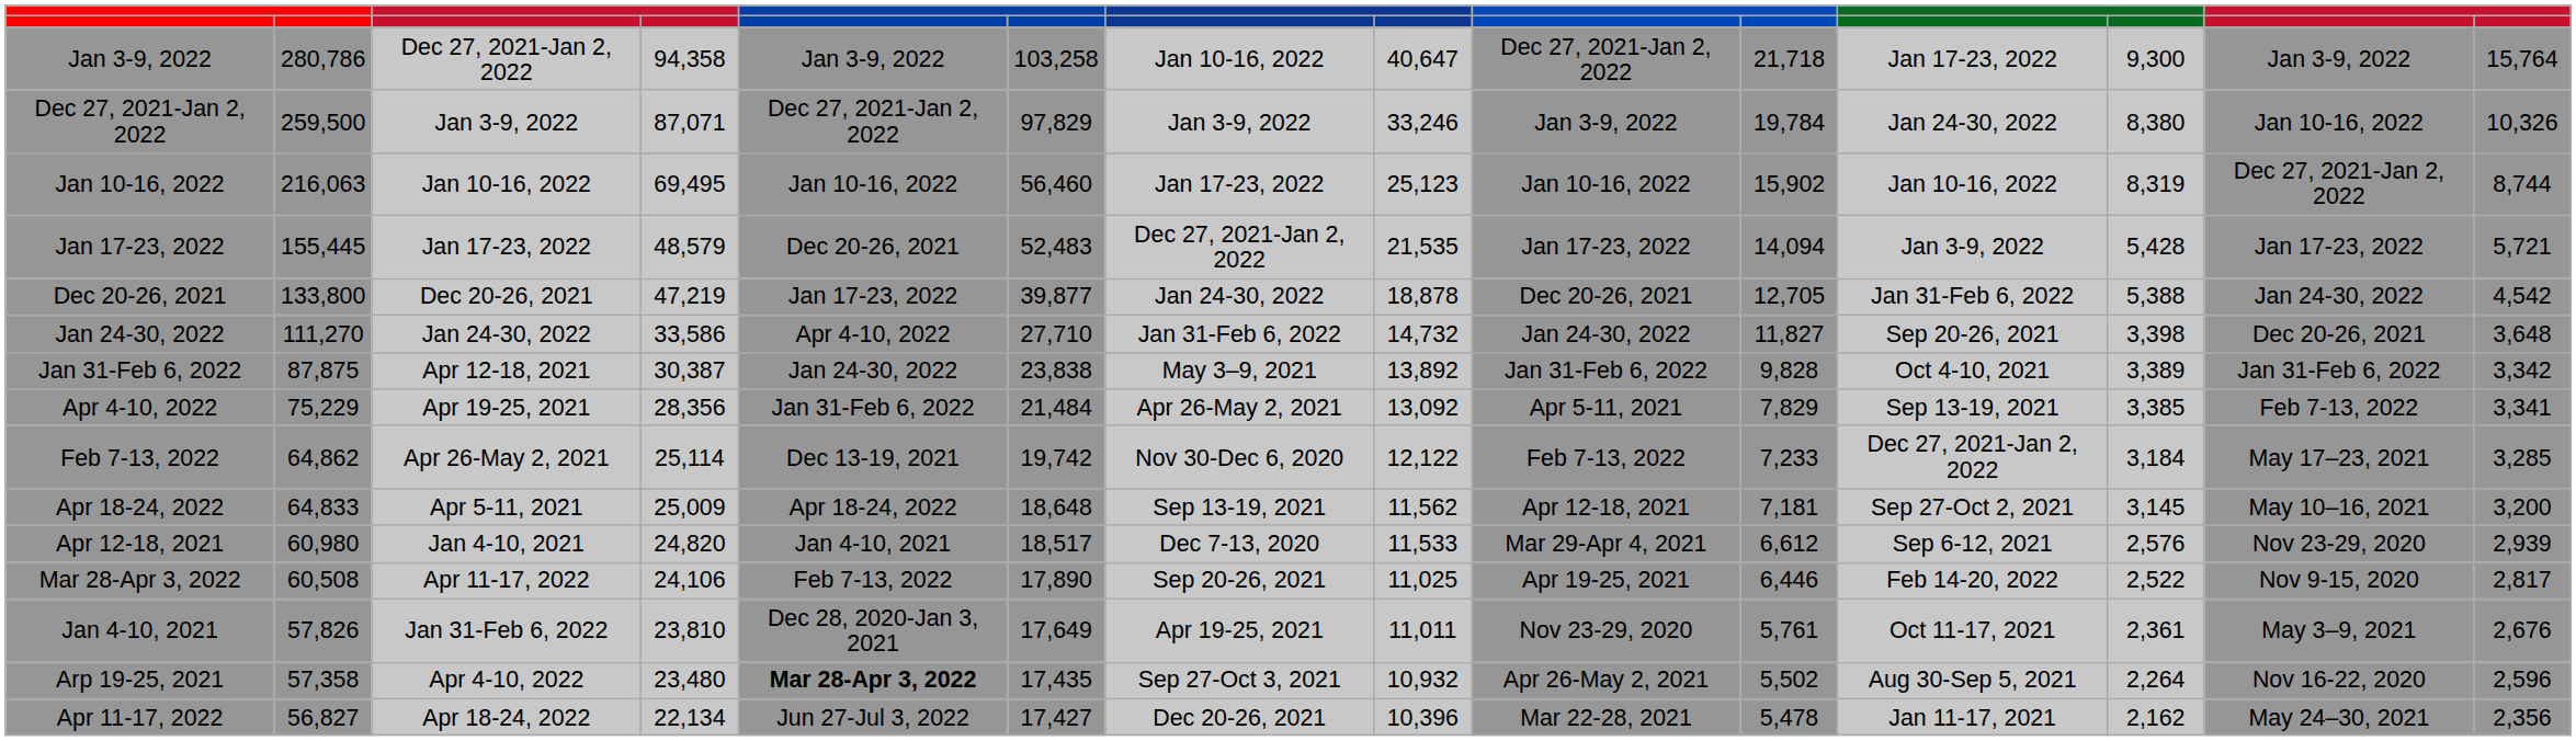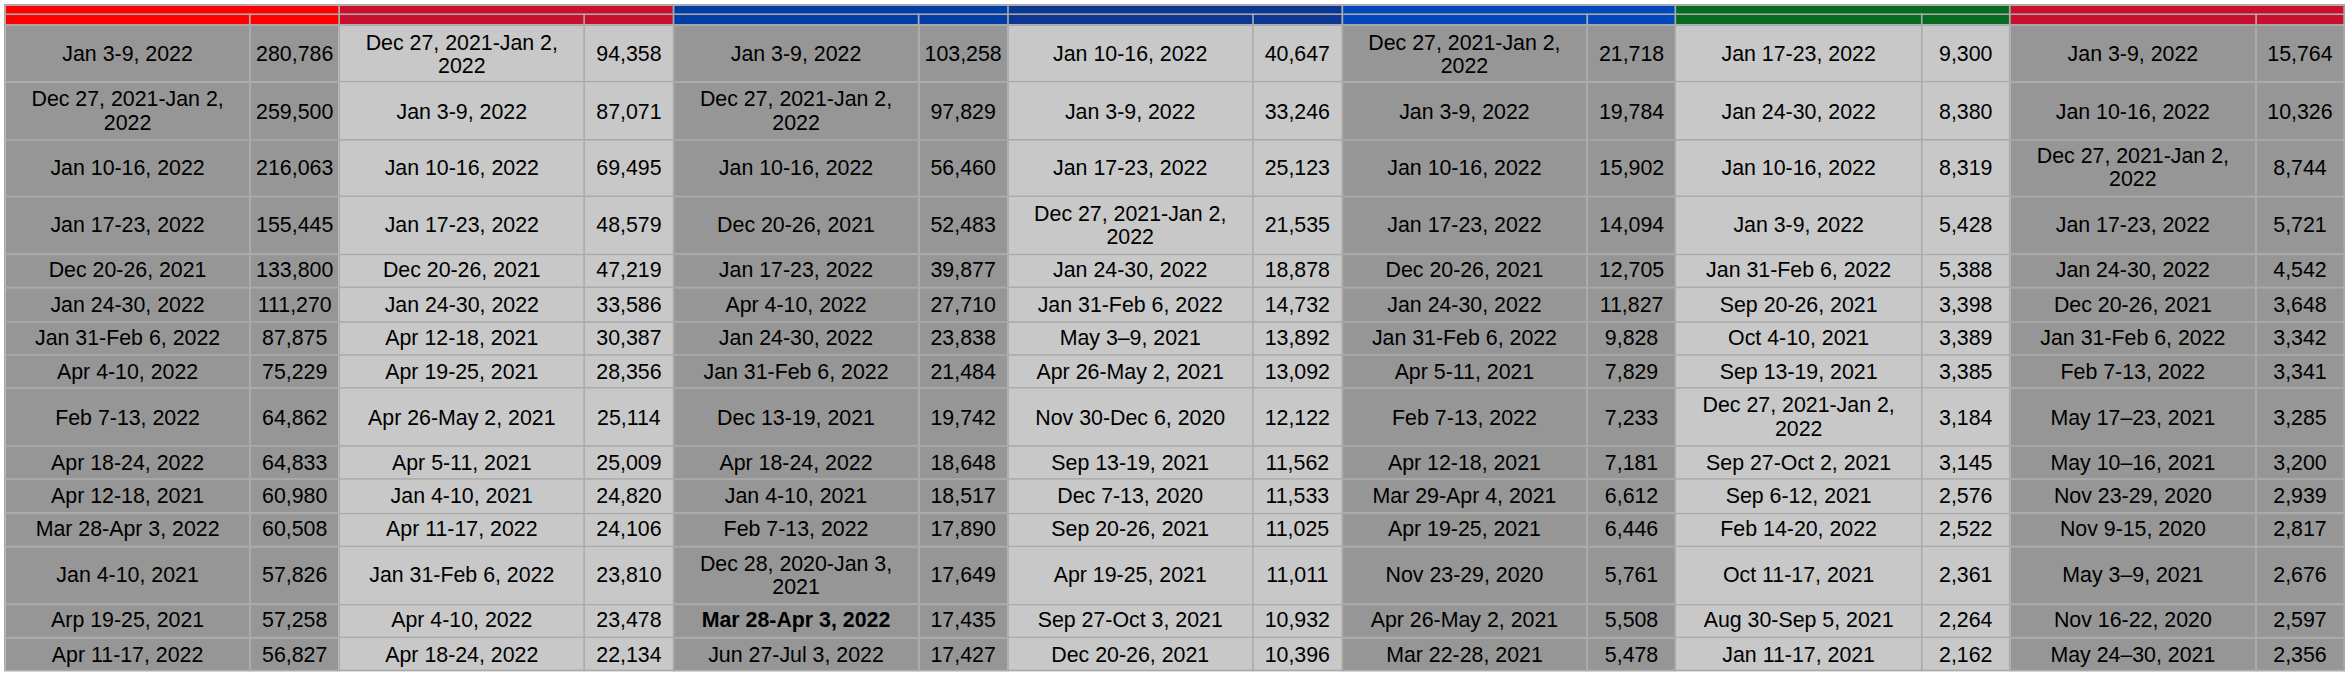 <table class="wikitable" style="text-align:center; text:#FFFFFF; font-size:85%">
 <tr>
 <th colspan=2 style="background:#FF0000"></th>
 <th colspan=2 style="background:#C8102E"></th>
 <th colspan=2 style="background:#003DA5"></th>
 <th colspan=2 style="background:#0D3692"></th>
 <th colspan=2 style="background:#0047BB"></th>
 <th colspan=2 style="background:#076A21"></th>
 <th colspan=2 style="background:#C8102E"></th>
 </tr>
 <tr>
 <th style="background:#FF0000"></th>
 <th style="background:#FF0000"></th>
 <th style="background:#C8102E"></th>
 <th style="background:#C8102E"></th>
 <th style="background:#003DA5"></th>
 <th style="background:#003DA5"></th>
 <th style="background:#0D3692"></th>
 <th style="background:#0D3692"></th>
 <th style="background:#0047BB"></th>
 <th style="background:#0047BB"></th>
 <th style="background:#076A21"></th>
 <th style="background:#076A21"></th>
 <th style="background:#C8102E"></th>
 <th style="background:#C8102E"></th>
 </tr>
 <tr>
 <td style="background:#969696" width=150>Jan 3-9, 2022</td>
 <td style="background:#969696" width="50">280,786</td>
 <td style="background:#C8C8C8" width="150">Dec 27, 2021-Jan 2, 2022</td>
 <td style="background:#C8C8C8" width="50">94,358</td>
 <td style="background:#969696" width="150">Jan 3-9, 2022</td>
 <td style="background:#969696" width="50">103,258</td>
 <td style="background:#C8C8C8" width="150">Jan 10-16, 2022</td>
 <td style="background:#C8C8C8" width="50">40,647</td>
 <td style="background:#969696" width="150">Dec 27, 2021-Jan 2, 2022</td>
 <td style="background:#969696" width="50">21,718</td>
 <td style="background:#C8C8C8" width="150">Jan 17-23, 2022</td>
 <td style="background:#C8C8C8" width="50">9,300</td>
 <td style="background:#969696" width="150">Jan 3-9, 2022</td>
 <td style="background:#969696" width="50">15,764</td>
 </tr>
 <tr>
 <td style="background:#969696" width=150>Dec 27, 2021-Jan 2, 2022</td>
 <td style="background:#969696" width="50">259,500</td>
 <td style="background:#C8C8C8" width="150">Jan 3-9, 2022</td>
 <td style="background:#C8C8C8" width="50">87,071</td>
 <td style="background:#969696" width="150">Dec 27, 2021-Jan 2, 2022</td>
 <td style="background:#969696" width="50">97,829</td>
 <td style="background:#C8C8C8" width="150">Jan 3-9, 2022</td>
 <td style="background:#C8C8C8" width="50">33,246</td>
 <td style="background:#969696" width="150">Jan 3-9, 2022</td>
 <td style="background:#969696" width="50">19,784</td>
 <td style="background:#C8C8C8" width="150">Jan 24-30, 2022</td>
 <td style="background:#C8C8C8" width="50">8,380</td>
 <td style="background:#969696" width="150">Jan 10-16, 2022</td>
 <td style="background:#969696" width="50">10,326</td>
 </tr>
 <tr>
 <td style="background:#969696" width=150>Jan 10-16, 2022</td>
 <td style="background:#969696" width="50">216,063</td>
 <td style="background:#C8C8C8" width="150">Jan 10-16, 2022</td>
 <td style="background:#C8C8C8" width="50">69,495</td>
 <td style="background:#969696" width="150">Jan 10-16, 2022</td>
 <td style="background:#969696" width="50">56,460</td>
 <td style="background:#C8C8C8" width="150">Jan 17-23, 2022</td>
 <td style="background:#C8C8C8" width="50">25,123</td>
 <td style="background:#969696" width="150">Jan 10-16, 2022</td>
 <td style="background:#969696" width="50">15,902</td>
 <td style="background:#C8C8C8" width="150">Jan 10-16, 2022</td>
 <td style="background:#C8C8C8" width="50">8,319</td>
 <td style="background:#969696" width="150">Dec 27, 2021-Jan 2, 2022</td>
 <td style="background:#969696" width="50">8,744</td>
 </tr>
 <tr>
 <td style="background:#969696" width=150>Jan 17-23, 2022</td>
 <td style="background:#969696" width="50">155,445</td>
 <td style="background:#C8C8C8" width="150">Jan 17-23, 2022</td>
 <td style="background:#C8C8C8" width="50">48,579</td>
 <td style="background:#969696" width="150">Dec 20-26, 2021</td>
 <td style="background:#969696" width="50">52,483</td>
 <td style="background:#C8C8C8" width="150">Dec 27, 2021-Jan 2, 2022</td>
 <td style="background:#C8C8C8" width="50">21,535</td>
 <td style="background:#969696" width="150">Jan 17-23, 2022</td>
 <td style="background:#969696" width="50">14,094</td>
 <td style="background:#C8C8C8" width="150">Jan 3-9, 2022</td>
 <td style="background:#C8C8C8" width="50">5,428</td>
 <td style="background:#969696" width="150">Jan 17-23, 2022</td>
 <td style="background:#969696" width="50">5,721</td>
 </tr>
 <tr>
 <td style="background:#969696" width=75>Dec 20-26, 2021</td>
 <td style="background:#969696" width="35">133,800</td>
 <td style="background:#C8C8C8" width="75">Dec 20-26, 2021</td>
 <td style="background:#C8C8C8" width="35">47,219</td>
 <td style="background:#969696" width="75">Jan 17-23, 2022</td>
 <td style="background:#969696" width="35">39,877</td>
 <td style="background:#C8C8C8" width="75">Jan 24-30, 2022</td>
 <td style="background:#C8C8C8" width="35">18,878</td>
 <td style="background:#969696" width="75">Dec 20-26, 2021</td>
 <td style="background:#969696" width="35">12,705</td>
 <td style="background:#C8C8C8" width="75">Jan 31-Feb 6, 2022</td>
 <td style="background:#C8C8C8" width="35">5,388</td>
 <td style="background:#969696" width="75">Jan 24-30, 2022</td>
 <td style="background:#969696" width="35">4,542</td>
 </tr>
 <tr>
 <td style="background:#969696" width=75>Jan 24-30, 2022</td>
 <td style="background:#969696" width="35">111,270</td>
 <td style="background:#C8C8C8" width="75">Jan 24-30, 2022</td>
 <td style="background:#C8C8C8" width="35">33,586</td>
 <td style="background:#969696" width="75">Apr 4-10, 2022</td>
 <td style="background:#969696" width="35">27,710</td>
 <td style="background:#C8C8C8" width="75">Jan 31-Feb 6, 2022</td>
 <td style="background:#C8C8C8" width="35">14,732</td>
 <td style="background:#969696" width="75">Jan 24-30, 2022</td>
 <td style="background:#969696" width="35">11,827</td>
 <td style="background:#C8C8C8" width="75">Sep 20-26, 2021</td>
 <td style="background:#C8C8C8" width="35">3,398</td>
 <td style="background:#969696" width="75">Dec 20-26, 2021</td>
 <td style="background:#969696" width="35">3,648</td>
 </tr>
 <tr>
 <td style="background:#969696" width=75>Jan 31-Feb 6, 2022</td>
 <td style="background:#969696" width="35">87,875</td>
 <td style="background:#C8C8C8" width="75">Apr 12-18, 2021</td>
 <td style="background:#C8C8C8" width="35">30,387</td>
 <td style="background:#969696" width="75">Jan 24-30, 2022</td>
 <td style="background:#969696" width="35">23,838</td>
 <td style="background:#C8C8C8" width="75">May 3–9, 2021</td>
 <td style="background:#C8C8C8" width="35">13,892</td>
 <td style="background:#969696" width="75">Jan 31-Feb 6, 2022</td>
 <td style="background:#969696" width="35">9,828</td>
 <td style="background:#C8C8C8" width="75">Oct 4-10, 2021</td>
 <td style="background:#C8C8C8" width="35">3,389</td>
 <td style="background:#969696" width="75">Jan 31-Feb 6, 2022</td>
 <td style="background:#969696" width="35">3,342</td>
 </tr>
 <tr>
 <td style="background:#969696" width=75>Apr 4-10, 2022</td>
 <td style="background:#969696" width="35">75,229</td>
 <td style="background:#C8C8C8" width="75">Apr 19-25, 2021</td>
 <td style="background:#C8C8C8" width="35">28,356</td>
 <td style="background:#969696" width="75">Jan 31-Feb 6, 2022</td>
 <td style="background:#969696" width="35">21,484</td>
 <td style="background:#C8C8C8" width="75">Apr 26-May 2, 2021</td>
 <td style="background:#C8C8C8" width="35">13,092</td>
 <td style="background:#969696" width="75">Apr 5-11, 2021</td>
 <td style="background:#969696" width="35">7,829</td>
 <td style="background:#C8C8C8" width="75">Sep 13-19, 2021</td>
 <td style="background:#C8C8C8" width="35">3,385</td>
 <td style="background:#969696" width="75">Feb 7-13, 2022</td>
 <td style="background:#969696" width="35">3,341</td>
 </tr>
 <tr>
 <td style="background:#969696" width=75>Feb 7-13, 2022</td>
 <td style="background:#969696" width="35">64,862</td>
 <td style="background:#C8C8C8" width="75">Apr 26-May 2, 2021</td>
 <td style="background:#C8C8C8" width="35">25,114</td>
 <td style="background:#969696" width="75">Dec 13-19, 2021</td>
 <td style="background:#969696" width="35">19,742</td>
 <td style="background:#C8C8C8" width="75">Nov 30-Dec 6, 2020</td>
 <td style="background:#C8C8C8" width="35">12,122</td>
 <td style="background:#969696" width="75">Feb 7-13, 2022</td>
 <td style="background:#969696" width="35">7,233</td>
 <td style="background:#C8C8C8" width="75">Dec 27, 2021-Jan 2, 2022</td>
 <td style="background:#C8C8C8" width="35">3,184</td>
 <td style="background:#969696" width="75">May 17–23, 2021</td>
 <td style="background:#969696" width="35">3,285</td>
 </tr>
 <tr>
 <td style="background:#969696" width=75>Apr 18-24, 2022</td>
 <td style="background:#969696" width="35">64,833</td>
 <td style="background:#C8C8C8" width="75">Apr 5-11, 2021</td>
 <td style="background:#C8C8C8" width="35">25,009</td>
 <td style="background:#969696" width="75">Apr 18-24, 2022</td>
 <td style="background:#969696" width="35">18,648</td>
 <td style="background:#C8C8C8" width="75">Sep 13-19, 2021</td>
 <td style="background:#C8C8C8" width="35">11,562</td>
 <td style="background:#969696" width="75">Apr 12-18, 2021</td>
 <td style="background:#969696" width="35">7,181</td>
 <td style="background:#C8C8C8" width="75">Sep 27-Oct 2, 2021</td>
 <td style="background:#C8C8C8" width="35">3,145</td>
 <td style="background:#969696" width="75">May 10–16, 2021</td>
 <td style="background:#969696" width="35">3,200</td>
 </tr>
 <tr>
 <td style="background:#969696" width=75>Apr 12-18, 2021</td>
 <td style="background:#969696" width="35">60,980</td>
 <td style="background:#C8C8C8" width="75">Jan 4-10, 2021</td>
 <td style="background:#C8C8C8" width="35">24,820</td>
 <td style="background:#969696" width="75">Jan 4-10, 2021</td>
 <td style="background:#969696" width="35">18,517</td>
 <td style="background:#C8C8C8" width="75">Dec 7-13, 2020</td>
 <td style="background:#C8C8C8" width="35">11,533</td>
 <td style="background:#969696" width="75">Mar 29-Apr 4, 2021</td>
 <td style="background:#969696" width="35">6,612</td>
 <td style="background:#C8C8C8" width="75">Sep 6-12, 2021</td>
 <td style="background:#C8C8C8" width="35">2,576</td>
 <td style="background:#969696" width="75">Nov 23-29, 2020</td>
 <td style="background:#969696" width="35">2,939</td>
 </tr>
 <tr>
 <td style="background:#969696" width=75>Mar 28-Apr 3, 2022</td>
 <td style="background:#969696" width="35">60,508</td>
 <td style="background:#C8C8C8" width="75">Apr 11-17, 2022</td>
 <td style="background:#C8C8C8" width="35">24,106</td>
 <td style="background:#969696" width="75">Feb 7-13, 2022</td>
 <td style="background:#969696" width="35">17,890</td>
 <td style="background:#C8C8C8" width="75">Sep 20-26, 2021</td>
 <td style="background:#C8C8C8" width="35">11,025</td>
 <td style="background:#969696" width="75">Apr 19-25, 2021</td>
 <td style="background:#969696" width="35">6,446</td>
 <td style="background:#C8C8C8" width="75">Feb 14-20, 2022</td>
 <td style="background:#C8C8C8" width="35">2,522</td>
 <td style="background:#969696" width="75">Nov 9-15, 2020</td>
 <td style="background:#969696" width="35">2,817</td>
 </tr>
 <tr>
 <td style="background:#969696" width=75>Jan 4-10, 2021</td>
 <td style="background:#969696" width="35">57,826</td>
 <td style="background:#C8C8C8" width="75">Jan 31-Feb 6, 2022</td>
 <td style="background:#C8C8C8" width="35">23,810</td>
 <td style="background:#969696" width="75">Dec 28, 2020-Jan 3, 2021</td>
 <td style="background:#969696" width="35">17,649</td>
 <td style="background:#C8C8C8" width="75">Apr 19-25, 2021</td>
 <td style="background:#C8C8C8" width="35">11,011</td>
 <td style="background:#969696" width="75">Nov 23-29, 2020</td>
 <td style="background:#969696" width="35">5,761</td>
 <td style="background:#C8C8C8" width="75">Oct 11-17, 2021</td>
 <td style="background:#C8C8C8" width="35">2,361</td>
 <td style="background:#969696" width="75">May 3–9, 2021</td>
 <td style="background:#969696" width="35">2,676</td>
 </tr>
 <tr>
 <td style="background:#969696" width=75>Arp 19-25, 2021</td>
-<td style="background:#969696" width="35">57,358</td>
+<td style="background:#969696" width="35">57,258</td>
 <td style="background:#C8C8C8" width="75">Apr 4-10, 2022</td>
-<td style="background:#C8C8C8" width="35">23,480</td>
+<td style="background:#C8C8C8" width="35">23,478</td>
 <td style="background:#969696" width="75"><strong>Mar 28-Apr 3, 2022</strong></td>
 <td style="background:#969696" width="35">17,435</td>
 <td style="background:#C8C8C8" width="75">Sep 27-Oct 3, 2021</td>
 <td style="background:#C8C8C8" width="35">10,932</td>
 <td style="background:#969696" width="75">Apr 26-May 2, 2021</td>
-<td style="background:#969696" width="35">5,502</td>
+<td style="background:#969696" width="35">5,508</td>
 <td style="background:#C8C8C8" width="75">Aug 30-Sep 5, 2021</td>
 <td style="background:#C8C8C8" width="35">2,264</td>
 <td style="background:#969696" width="75">Nov 16-22, 2020</td>
-<td style="background:#969696" width="35">2,596</td>
+<td style="background:#969696" width="35">2,597</td>
 </tr>
 <tr>
 <td style="background:#969696" width=75>Apr 11-17, 2022</td>
 <td style="background:#969696" width="35">56,827</td>
 <td style="background:#C8C8C8" width="75">Apr 18-24, 2022</td>
 <td style="background:#C8C8C8" width="35">22,134</td>
 <td style="background:#969696" width="75">Jun 27-Jul 3, 2022</td>
 <td style="background:#969696" width="35">17,427</td>
 <td style="background:#C8C8C8" width="75">Dec 20-26, 2021</td>
 <td style="background:#C8C8C8" width="35">10,396</td>
 <td style="background:#969696" width="75">Mar 22-28, 2021</td>
 <td style="background:#969696" width="35">5,478</td>
 <td style="background:#C8C8C8" width="75">Jan 11-17, 2021</td>
 <td style="background:#C8C8C8" width="35">2,162</td>
 <td style="background:#969696" width="75">May 24–30, 2021</td>
 <td style="background:#969696" width="35">2,356</td>
 </tr>
 </table>
